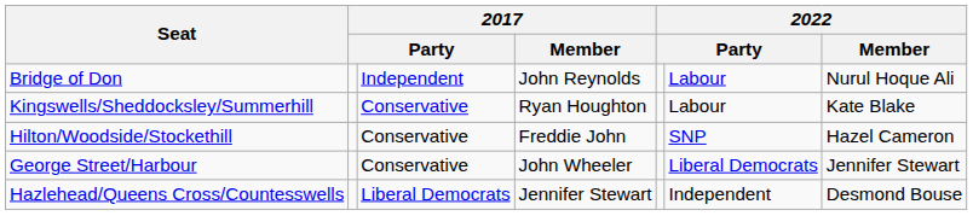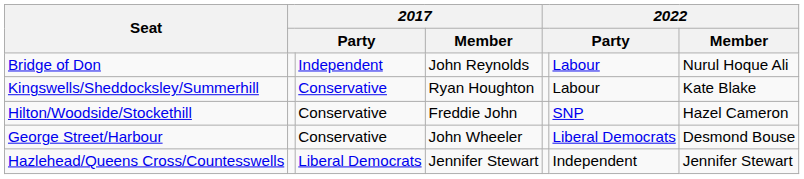 <table class="wikitable">
 <tr>
 <th scope="col" rowspan="2" style="text-align:center">Seat</th>
 <th scope="col" colspan="3" style="text-align:center"><em>2017</em></th>
 <th scope="col" colspan="3" style="text-align:center"><em>2022</em></th>
 </tr>
 <tr>
 <th colspan="2" style="text-align:center">Party</th>
 <th style="text-align:center">Member</th>
 <th colspan="2" style="text-align:center">Party</th>
 <th style="text-align:center">Member</th>
 </tr>
 <tr>
 <td scope="row"><a href='#'>Bridge of Don</a></td>
 <td></td>
 <td><a href='#'>Independent</a></td>
 <td>John Reynolds</td>
 <td></td>
 <td><a href='#'>Labour</a></td>
 <td>Nurul Hoque Ali</td>
 </tr>
 <tr>
 <td scope="row"><a href='#'>Kingswells/Sheddocksley/Summerhill</a></td>
 <td></td>
 <td><a href='#'>Conservative</a></td>
 <td>Ryan Houghton</td>
 <td></td>
 <td>Labour</td>
 <td>Kate Blake</td>
 </tr>
 <tr>
 <td scope="row"><a href='#'>Hilton/Woodside/Stockethill</a></td>
 <td></td>
 <td>Conservative</td>
 <td>Freddie John</td>
 <td></td>
 <td><a href='#'>SNP</a></td>
 <td>Hazel Cameron</td>
 </tr>
 <tr>
 <td scope="row"><a href='#'>George Street/Harbour</a></td>
 <td></td>
 <td>Conservative</td>
 <td>John Wheeler</td>
 <td></td>
 <td><a href='#'>Liberal Democrats</a></td>
-<td>Jennifer Stewart</td>
+<td>Desmond Bouse</td>
 </tr>
 <tr>
 <td scope="row"><a href='#'>Hazlehead/Queens Cross/Countesswells</a></td>
 <td></td>
 <td><a href='#'>Liberal Democrats</a></td>
 <td>Jennifer Stewart</td>
 <td></td>
 <td>Independent</td>
-<td>Desmond Bouse</td>
+<td>Jennifer Stewart</td>
 </tr>
 </table>
